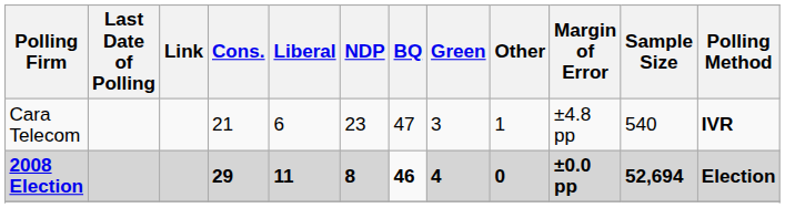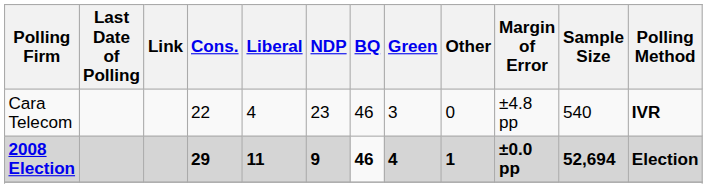 <table class="wikitable sortable">
 <tr style="background:#e9e9e9;">
 <th style="width:120px">Polling Firm</th>
 <th style="width:110px">Last Date<br>of Polling</th>
 <th style="width:60px" class="unsortable">Link</th>
 <th style="background-color:"><strong><a href='#'>Cons.</a></strong></th>
 <th style="background-color:"><strong><a href='#'>Liberal</a></strong></th>
 <th style="background-color:"><strong><a href='#'>NDP</a></strong></th>
 <th style="background-color:"><strong><a href='#'>BQ</a></strong></th>
 <th style="background-color:"><strong><a href='#'>Green</a></strong></th>
 <th style="background-color:"><strong>Other</strong></th>
 <th style="width:60px;" class=unsortable>Margin<br>of Error</th>
 <th style="width:50px;" class=unsortable>Sample<br>Size</th>
 <th class=unsortable>Polling Method</th>
 </tr>
 <tr>
 <td>Cara Telecom</td>
 <td></td>
 <td></td>
-<td>21</td>
-<td>6</td>
+<td>22</td>
+<td>4</td>
 <td>23</td>
-<td>47</td>
+<td>46</td>
 <td>3</td>
-<td>1</td>
+<td>0</td>
 <td>±4.8 pp</td>
 <td>540</td>
 <td><strong>IVR</strong></td>
 </tr>
 <tr>
 <td style="background:#D5D5D5"><strong><a href='#'>2008 Election</a></strong></td>
 <td style="background:#D5D5D5"><strong></strong></td>
 <td style="background:#D5D5D5"></td>
 <td style="background:#D5D5D5"><strong>29</strong></td>
 <td style="background:#D5D5D5"><strong>11</strong></td>
-<td style="background:#D5D5D5"><strong>8</strong></td>
+<td style="background:#D5D5D5"><strong>9</strong></td>
 <td><strong>46</strong></td>
 <td style="background:#D5D5D5"><strong>4</strong></td>
-<td style="background:#D5D5D5"><strong>0</strong></td>
+<td style="background:#D5D5D5"><strong>1</strong></td>
 <td style="background:#D5D5D5"><strong>±0.0 pp</strong></td>
 <td style="background:#D5D5D5"><strong>52,694</strong></td>
 <td style="background:#D5D5D5"><strong>Election</strong></td>
 </tr>
 <tr>
 </tr>
 <tr>
 </tr>
 </table>
